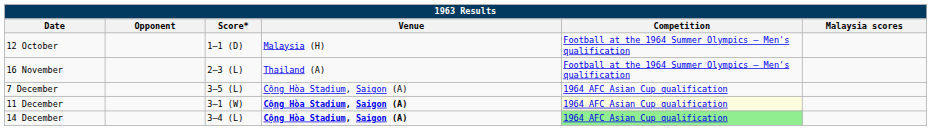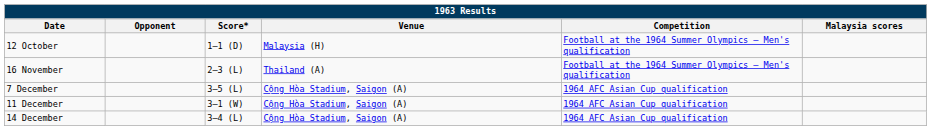 <table class="wikitable" width=100% style="text-align:left;font-size:90%;">
 <tr>
 <th colspan=9 style="background: #013A5E; color: #FFFFFF;">1963 Results</th>
 </tr>
 <tr>
 <th width=80>Date</th>
 <th width=80>Opponent</th>
 <th width=20>Score*</th>
 <th width=250>Venue</th>
 <th width=200>Competition</th>
 <th width=100>Malaysia scores<br></th>
 </tr>
 <tr>
 <td>12 October</td>
 <td></td>
 <td>1–1 (D)</td>
 <td><a href='#'>Malaysia</a> (H)</td>
 <td><a href='#'>Football at the 1964 Summer Olympics – Men's qualification</a></td>
 <td></td>
 </tr>
 <tr>
 <td>16 November</td>
 <td></td>
 <td>2–3 (L)</td>
 <td><a href='#'>Thailand</a> (A)</td>
 <td><a href='#'>Football at the 1964 Summer Olympics – Men's qualification</a></td>
 <td></td>
 </tr>
 <tr>
 <td>7 December</td>
 <td></td>
 <td>3–5 (L)</td>
 <td><a href='#'>Cộng Hòa Stadium</a>, <a href='#'>Saigon</a> (A)</td>
 <td><a href='#'>1964 AFC Asian Cup qualification</a></td>
 <td></td>
 </tr>
 <tr>
 <td>11 December</td>
 <td></td>
 <td>3–1 (W)</td>
-<td><strong><a href='#'>Cộng Hòa Stadium</a>, <a href='#'>Saigon</a> (A)</strong></td>
-<td style="background: lightyellow;"><a href='#'>1964 AFC Asian Cup qualification</a></td>
+<td><a href='#'>Cộng Hòa Stadium</a>, <a href='#'>Saigon</a> (A)</td>
+<td><a href='#'>1964 AFC Asian Cup qualification</a></td>
 <td></td>
 </tr>
 <tr>
 <td>14 December</td>
 <td></td>
 <td>3–4 (L)</td>
-<td><strong><a href='#'>Cộng Hòa Stadium</a>, <a href='#'>Saigon</a> (A)</strong></td>
-<td style="background: lightgreen;"><a href='#'>1964 AFC Asian Cup qualification</a></td>
+<td><a href='#'>Cộng Hòa Stadium</a>, <a href='#'>Saigon</a> (A)</td>
+<td><a href='#'>1964 AFC Asian Cup qualification</a></td>
 <td></td>
 </tr>
 </table>
